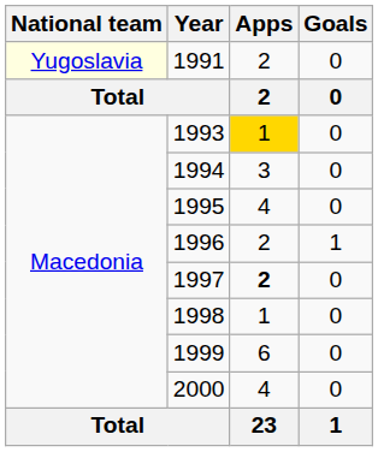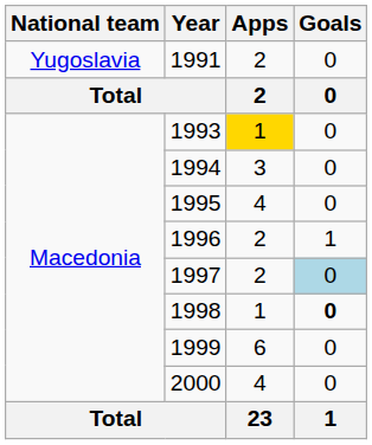 <table class="wikitable" style="text-align:center">
 <tr>
 <th>National team</th>
 <th>Year</th>
 <th>Apps</th>
 <th>Goals</th>
 </tr>
 <tr>
-<td style="background: lightyellow;"><a href='#'>Yugoslavia</a></td>
+<td><a href='#'>Yugoslavia</a></td>
 <td>1991</td>
 <td>2</td>
 <td>0</td>
 </tr>
 <tr>
 <th colspan="2">Total</th>
 <th>2</th>
 <th>0</th>
 </tr>
 <tr>
 <td rowspan="8"><a href='#'>Macedonia</a></td>
 <td>1993</td>
 <td style="background: gold;">1</td>
 <td>0</td>
 </tr>
 <tr>
 <td>1994</td>
 <td>3</td>
 <td>0</td>
 </tr>
 <tr>
 <td>1995</td>
 <td>4</td>
 <td>0</td>
 </tr>
 <tr>
 <td>1996</td>
 <td>2</td>
 <td>1</td>
 </tr>
 <tr>
 <td>1997</td>
-<td><strong>2</strong></td>
-<td>0</td>
+<td>2</td>
+<td style="background: lightblue;">0</td>
 </tr>
 <tr>
 <td>1998</td>
 <td>1</td>
-<td>0</td>
+<td><strong>0</strong></td>
 </tr>
 <tr>
 <td>1999</td>
 <td>6</td>
 <td>0</td>
 </tr>
 <tr>
 <td>2000</td>
 <td>4</td>
 <td>0</td>
 </tr>
 <tr>
 <th colspan="2">Total</th>
 <th>23</th>
 <th>1</th>
 </tr>
 </table>
